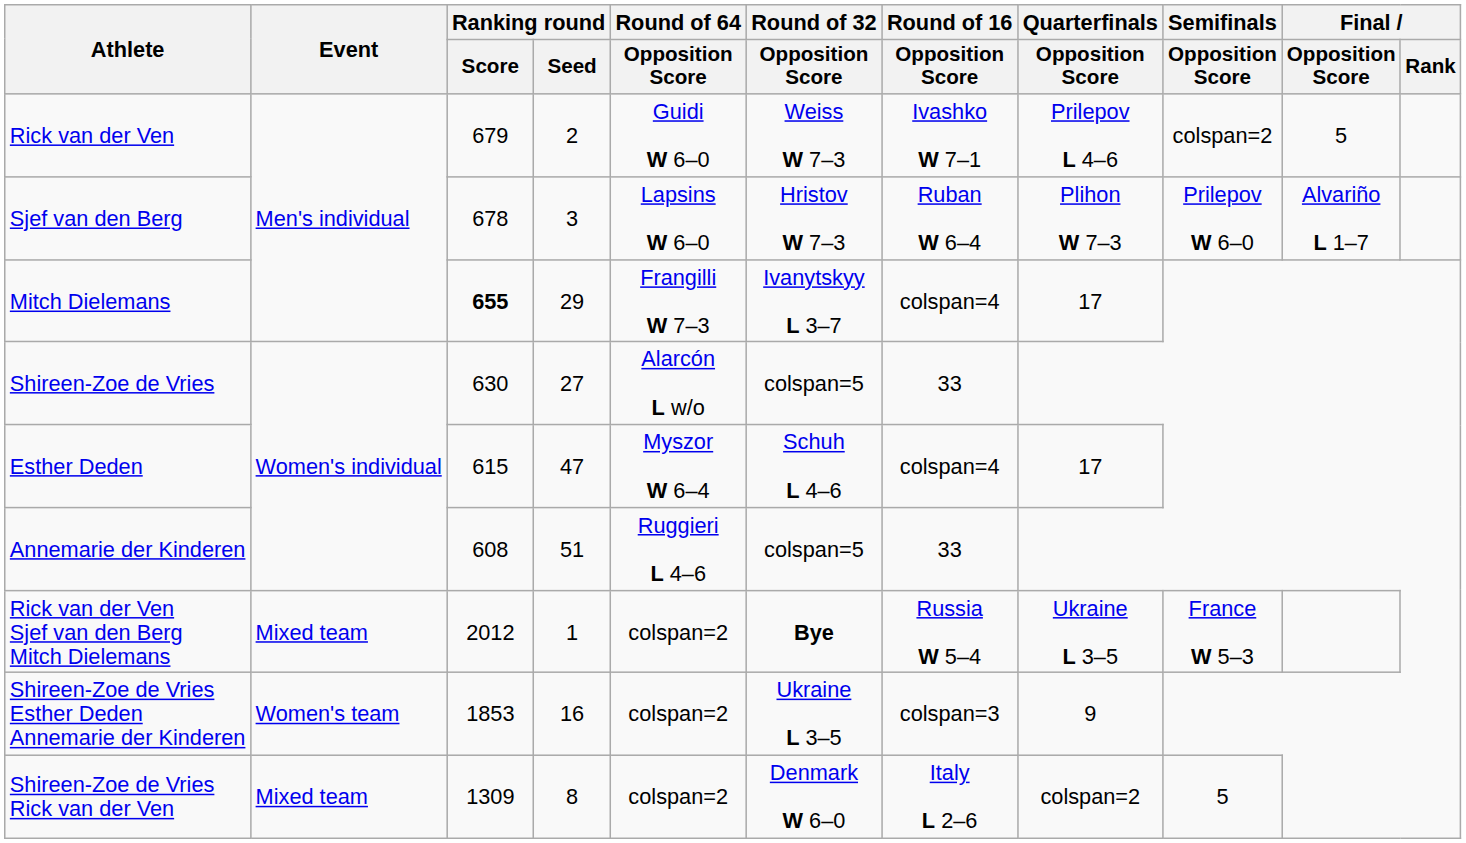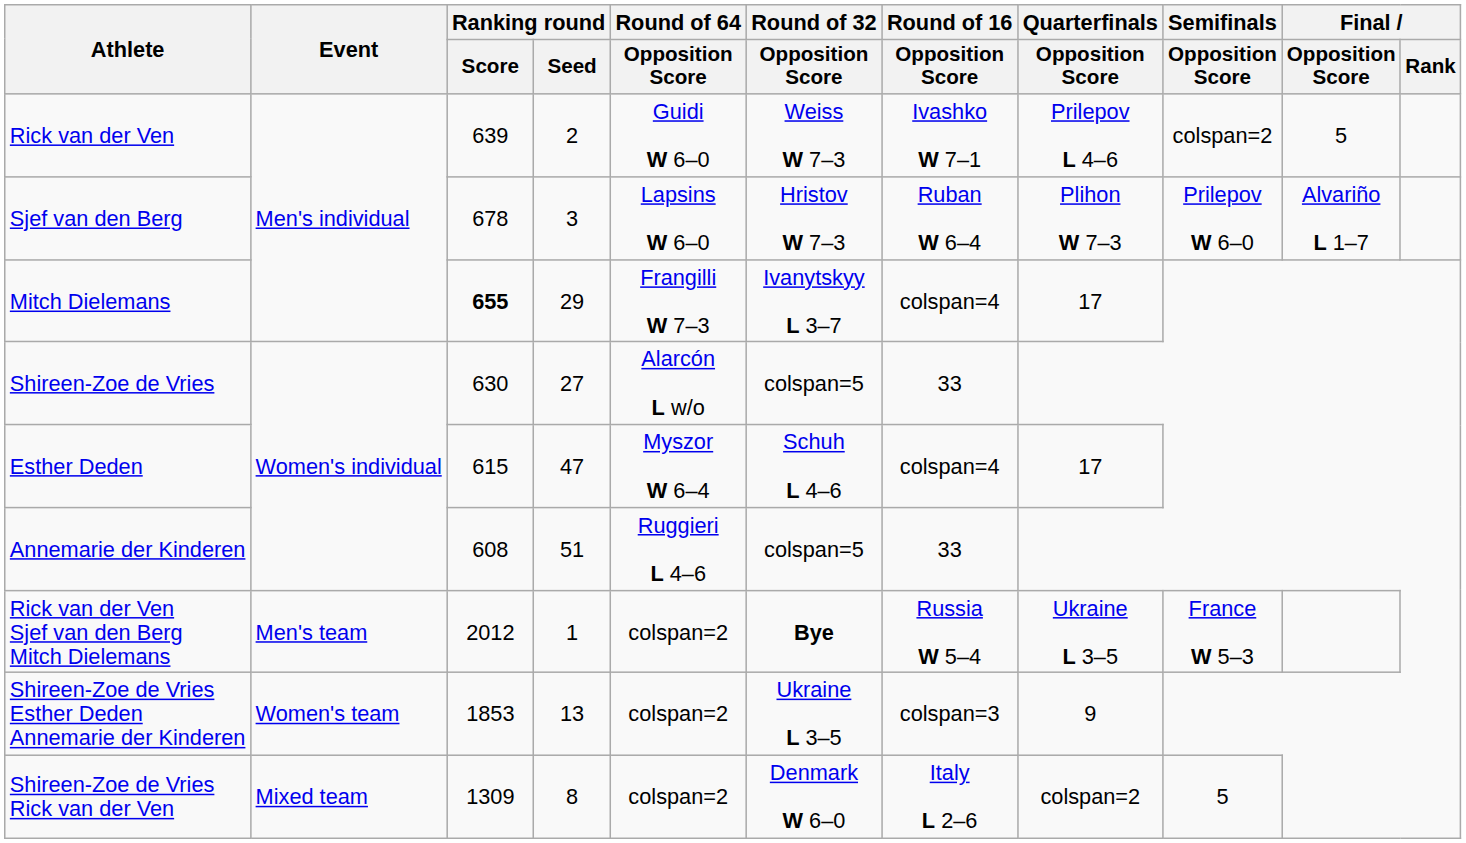 <table class="wikitable" style="font-size:90%">
 <tr>
 <th rowspan=2>Athlete</th>
 <th rowspan=2>Event</th>
 <th colspan=2>Ranking round</th>
 <th>Round of 64</th>
 <th>Round of 32</th>
 <th>Round of 16</th>
 <th>Quarterfinals</th>
 <th>Semifinals</th>
 <th colspan=2>Final / </th>
 </tr>
 <tr style="font-size:95%">
 <th>Score</th>
 <th>Seed</th>
 <th>Opposition<br>Score</th>
 <th>Opposition<br>Score</th>
 <th>Opposition<br>Score</th>
 <th>Opposition<br>Score</th>
 <th>Opposition<br>Score</th>
 <th>Opposition<br>Score</th>
 <th>Rank</th>
 </tr>
 <tr align=center>
 <td align=left><a href='#'>Rick van der Ven</a></td>
 <td style="text-align:left;" rowspan="3"><a href='#'>Men's individual</a></td>
-<td>679</td>
+<td>639</td>
 <td>2</td>
 <td><a href='#'>Guidi</a><br><br><strong>W</strong> 6–0</td>
 <td><a href='#'>Weiss</a><br><br><strong>W</strong> 7–3</td>
 <td><a href='#'>Ivashko</a><br><br><strong>W</strong> 7–1</td>
 <td><a href='#'>Prilepov</a><br><br><strong>L</strong> 4–6</td>
 <td>colspan=2 </td>
 <td>5</td>
 </tr>
 <tr align=center>
 <td align=left><a href='#'>Sjef van den Berg</a></td>
 <td>678</td>
 <td>3</td>
 <td><a href='#'>Lapsins</a><br><br><strong>W</strong> 6–0</td>
 <td><a href='#'>Hristov</a><br><br><strong>W</strong> 7–3</td>
 <td><a href='#'>Ruban</a><br><br><strong>W</strong> 6–4</td>
 <td><a href='#'>Plihon</a><br><br><strong>W</strong> 7–3</td>
 <td><a href='#'>Prilepov</a><br><br><strong>W</strong> 6–0</td>
 <td><a href='#'>Alvariño</a><br><br><strong>L</strong> 1–7</td>
 <td></td>
 </tr>
 <tr align=center>
 <td align=left><a href='#'>Mitch Dielemans</a></td>
 <td><strong>655</strong></td>
 <td>29</td>
 <td><a href='#'>Frangilli</a><br><br><strong>W</strong> 7–3</td>
 <td><a href='#'>Ivanytskyy</a><br><br><strong>L</strong> 3–7</td>
 <td>colspan=4 </td>
 <td>17</td>
 </tr>
 <tr align=center>
 <td align=left><a href='#'>Shireen-Zoe de Vries</a></td>
 <td style="text-align:left;" rowspan="3"><a href='#'>Women's individual</a></td>
 <td>630</td>
 <td>27</td>
 <td><a href='#'>Alarcón</a><br><br> <strong>L</strong> w/o</td>
 <td>colspan=5 </td>
 <td>33</td>
 </tr>
 <tr align=center>
 <td align=left><a href='#'>Esther Deden</a></td>
 <td>615</td>
 <td>47</td>
 <td><a href='#'>Myszor</a><br><br><strong>W</strong> 6–4</td>
 <td><a href='#'>Schuh</a><br><br><strong>L</strong> 4–6</td>
 <td>colspan=4 </td>
 <td>17</td>
 </tr>
 <tr align=center>
 <td align=left><a href='#'>Annemarie der Kinderen</a></td>
 <td>608</td>
 <td>51</td>
 <td><a href='#'>Ruggieri</a><br><br> <strong>L</strong> 4–6</td>
 <td>colspan=5 </td>
 <td>33</td>
 </tr>
 <tr align=center>
 <td align=left><a href='#'>Rick van der Ven</a><br><a href='#'>Sjef van den Berg</a><br><a href='#'>Mitch Dielemans</a></td>
-<td align=left><a href='#'>Mixed team</a></td>
+<td align=left><a href='#'>Men's team</a></td>
 <td>2012</td>
 <td>1</td>
 <td>colspan=2 </td>
 <td><strong>Bye</strong></td>
 <td><a href='#'>Russia</a><br><br> <strong>W</strong> 5–4</td>
 <td><a href='#'>Ukraine</a><br><br> <strong>L</strong> 3–5</td>
 <td><a href='#'>France</a><br><br> <strong>W</strong> 5–3</td>
 <td></td>
 </tr>
 <tr align=center>
 <td align=left><a href='#'>Shireen-Zoe de Vries</a><br><a href='#'>Esther Deden</a><br><a href='#'>Annemarie der Kinderen</a></td>
 <td align=left><a href='#'>Women's team</a></td>
 <td>1853</td>
-<td>16</td>
+<td>13</td>
 <td>colspan=2 </td>
 <td><a href='#'>Ukraine</a><br><br> <strong>L</strong> 3–5</td>
 <td>colspan=3 </td>
 <td>9</td>
 </tr>
 <tr align=center>
 <td align=left><a href='#'>Shireen-Zoe de Vries</a><br><a href='#'>Rick van der Ven</a></td>
 <td align=left><a href='#'>Mixed team</a></td>
 <td>1309</td>
 <td>8</td>
 <td>colspan=2 </td>
 <td><a href='#'>Denmark</a><br><br> <strong>W</strong> 6–0</td>
 <td><a href='#'>Italy</a><br><br> <strong>L</strong> 2–6</td>
 <td>colspan=2 </td>
 <td>5</td>
 </tr>
 </table>
